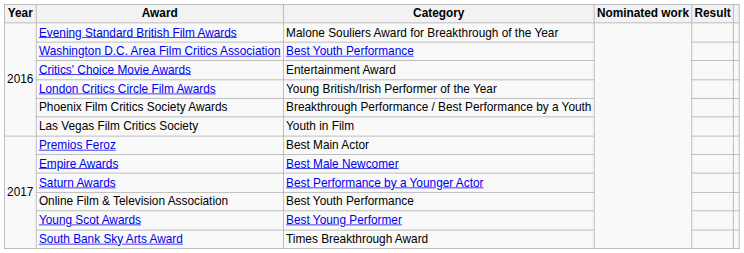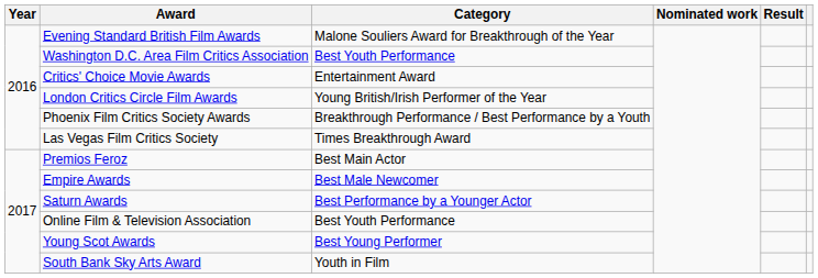 <table class="wikitable">
 <tr>
 <th>Year</th>
 <th>Award</th>
 <th>Category</th>
 <th>Nominated work</th>
 <th>Result</th>
 <th></th>
 </tr>
 <tr>
 <td rowspan="6">2016</td>
 <td><a href='#'>Evening Standard British Film Awards</a></td>
 <td>Malone Souliers Award for Breakthrough of the Year</td>
 <td rowspan="12"></td>
 <td></td>
 <td></td>
 </tr>
 <tr>
 <td><a href='#'>Washington D.C. Area Film Critics Association</a></td>
 <td><a href='#'>Best Youth Performance</a></td>
 <td></td>
 <td></td>
 </tr>
 <tr>
 <td><a href='#'>Critics' Choice Movie Awards</a></td>
 <td>Entertainment Award</td>
 <td></td>
 <td></td>
 </tr>
 <tr>
 <td><a href='#'>London Critics Circle Film Awards</a></td>
 <td>Young British/Irish Performer of the Year</td>
 <td></td>
 <td></td>
 </tr>
 <tr>
 <td>Phoenix Film Critics Society Awards</td>
 <td>Breakthrough Performance / Best Performance by a Youth</td>
 <td></td>
 <td></td>
 </tr>
 <tr>
 <td>Las Vegas Film Critics Society</td>
-<td>Youth in Film</td>
+<td>Times Breakthrough Award</td>
 <td></td>
 <td></td>
 </tr>
 <tr>
 <td rowspan="6">2017</td>
 <td><a href='#'>Premios Feroz</a></td>
 <td>Best Main Actor</td>
 <td></td>
 <td></td>
 </tr>
 <tr>
 <td><a href='#'>Empire Awards</a></td>
 <td><a href='#'>Best Male Newcomer</a></td>
 <td></td>
 <td></td>
 </tr>
 <tr>
 <td><a href='#'>Saturn Awards</a></td>
 <td><a href='#'>Best Performance by a Younger Actor</a></td>
 <td></td>
 <td></td>
 </tr>
 <tr>
 <td>Online Film & Television Association</td>
 <td>Best Youth Performance</td>
 <td></td>
 <td></td>
 </tr>
 <tr>
 <td><a href='#'>Young Scot Awards</a></td>
 <td><a href='#'>Best Young Performer</a></td>
 <td></td>
 <td></td>
 </tr>
 <tr>
 <td><a href='#'>South Bank Sky Arts Award</a></td>
-<td>Times Breakthrough Award</td>
+<td>Youth in Film</td>
 <td></td>
 <td></td>
 </tr>
 </table>
